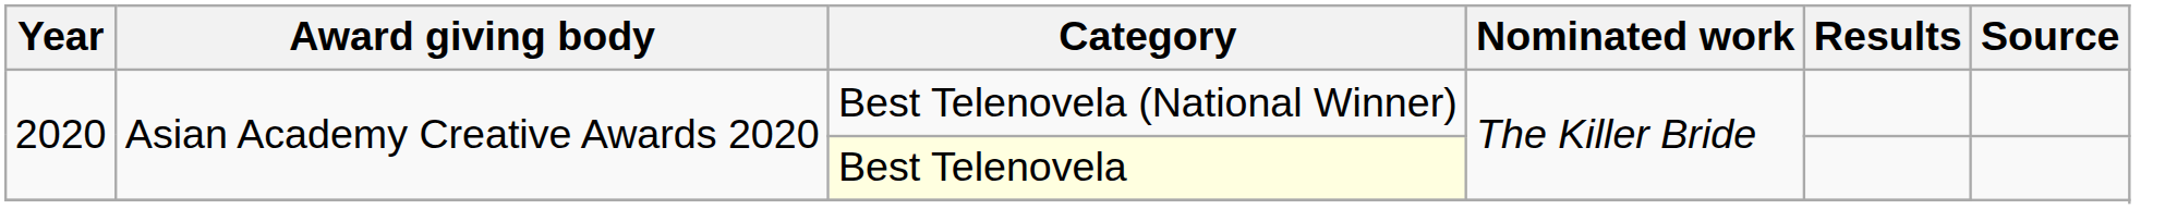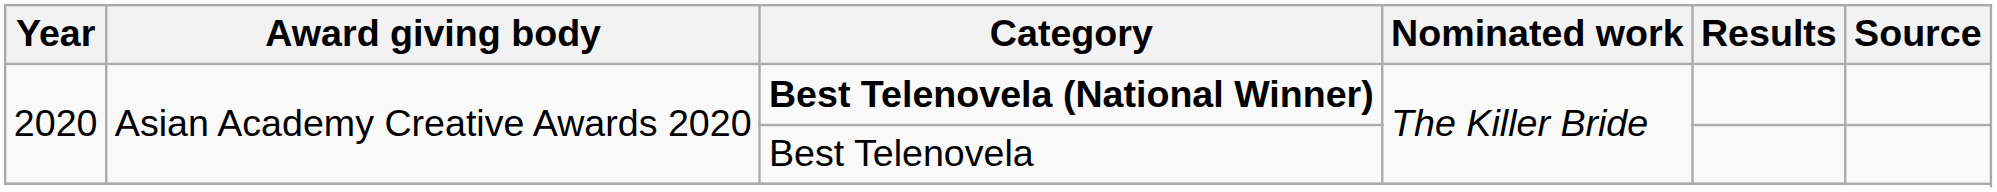 <table class="wikitable sortable">
 <tr>
 <th>Year</th>
 <th>Award giving body</th>
 <th>Category</th>
 <th>Nominated work</th>
 <th>Results</th>
 <th>Source</th>
 </tr>
 <tr>
 <td rowspan="2">2020</td>
 <td rowspan="2">Asian Academy Creative Awards 2020</td>
-<td>Best Telenovela (National Winner)</td>
+<td><strong>Best Telenovela (National Winner)</strong></td>
 <td rowspan="2"><em>The Killer Bride</em></td>
 <td></td>
 <td></td>
 </tr>
 <tr>
-<td style="background: lightyellow;">Best Telenovela</td>
+<td>Best Telenovela</td>
 <td></td>
 </tr>
 <tr>
 </tr>
 </table>
